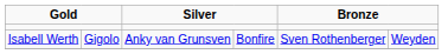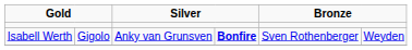 <table class="wikitable">
 <tr align="center">
 <td colspan=2><strong>Gold</strong></td>
 <td colspan=2><strong>Silver</strong></td>
 <td colspan=2><strong>Bronze</strong></td>
 </tr>
 <tr>
 <td colspan=2 align=center></td>
 <td colspan=2 align=center></td>
 <td colspan=2 align=center></td>
 </tr>
 <tr>
 <td><a href='#'>Isabell Werth</a></td>
 <td><a href='#'>Gigolo</a></td>
 <td><a href='#'>Anky van Grunsven</a></td>
-<td><a href='#'>Bonfire</a></td>
+<td><strong><a href='#'>Bonfire</a></strong></td>
 <td><a href='#'>Sven Rothenberger</a></td>
 <td><a href='#'>Weyden</a></td>
 </tr>
 <tr>
 </tr>
 </table>
